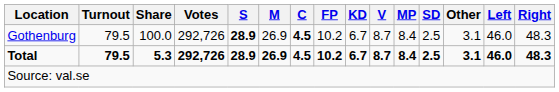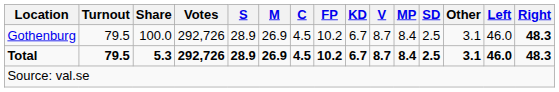 <table class="wikitable sortable" style=text-align:right>
 <tr>
 <th>Location</th>
 <th>Turnout</th>
 <th>Share</th>
 <th>Votes</th>
 <th><a href='#'>S</a></th>
 <th><a href='#'>M</a></th>
 <th><a href='#'>C</a></th>
 <th><a href='#'>FP</a></th>
 <th><a href='#'>KD</a></th>
 <th><a href='#'>V</a></th>
 <th><a href='#'>MP</a></th>
 <th><a href='#'>SD</a></th>
 <th>Other</th>
 <th><a href='#'>Left</a></th>
 <th><a href='#'>Right</a></th>
 </tr>
 <tr>
 <td align=left><a href='#'>Gothenburg</a></td>
 <td>79.5</td>
 <td>100.0</td>
 <td>292,726</td>
-<td><strong>28.9</strong></td>
+<td>28.9</td>
 <td>26.9</td>
-<td><strong>4.5</strong></td>
+<td>4.5</td>
 <td>10.2</td>
 <td>6.7</td>
 <td>8.7</td>
 <td>8.4</td>
 <td>2.5</td>
 <td>3.1</td>
 <td>46.0</td>
-<td>48.3</td>
+<td><strong>48.3</strong></td>
 </tr>
 <tr>
 <td align=left><strong>Total</strong></td>
 <td><strong>79.5</strong></td>
 <td><strong>5.3</strong></td>
 <td><strong>292,726</strong></td>
 <td><strong>28.9</strong></td>
 <td><strong>26.9</strong></td>
 <td><strong>4.5</strong></td>
 <td><strong>10.2</strong></td>
 <td><strong>6.7</strong></td>
 <td><strong>8.7</strong></td>
 <td><strong>8.4</strong></td>
 <td><strong>2.5</strong></td>
 <td><strong>3.1</strong></td>
 <td><strong>46.0</strong></td>
 <td><strong>48.3</strong></td>
 </tr>
 <tr>
 <td align=left colspan=15>Source: val.se </td>
 </tr>
 </table>
